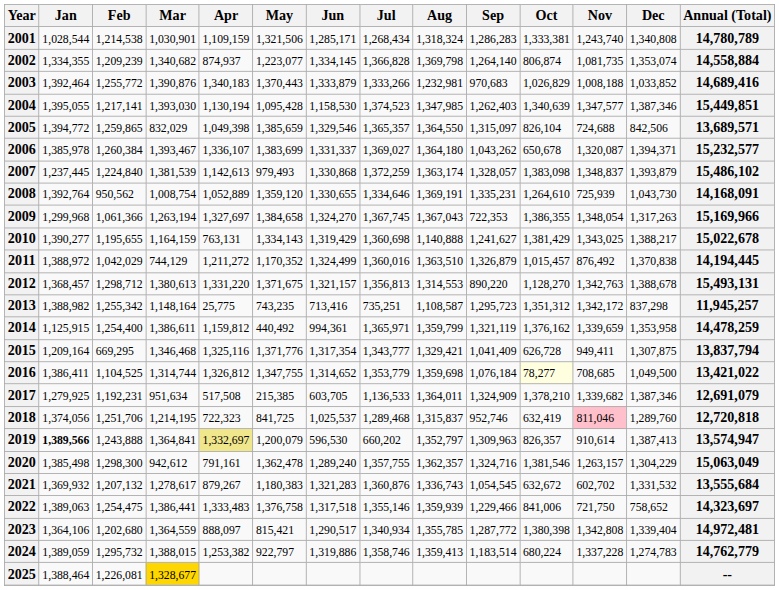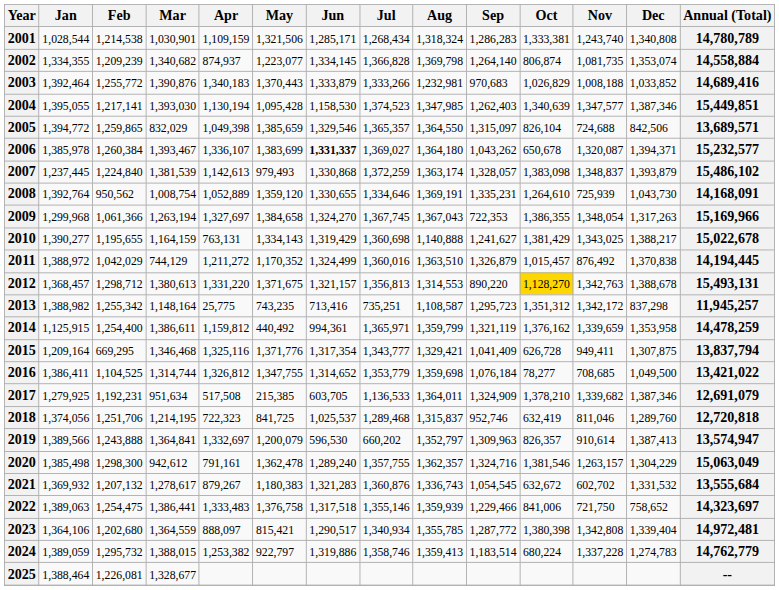 <table class="wikitable">
 <tr>
 <th>Year</th>
 <th>Jan</th>
 <th>Feb</th>
 <th>Mar</th>
 <th>Apr</th>
 <th>May</th>
 <th>Jun</th>
 <th>Jul</th>
 <th>Aug</th>
 <th>Sep</th>
 <th>Oct</th>
 <th>Nov</th>
 <th>Dec</th>
 <th>Annual (Total)</th>
 </tr>
 <tr>
 <th>2001</th>
 <td><small>1,028,544</small></td>
 <td><small>1,214,538</small></td>
 <td><small>1,030,901</small></td>
 <td><small>1,109,159</small></td>
 <td><small>1,321,506</small></td>
 <td><small>1,285,171</small></td>
 <td><small>1,268,434</small></td>
 <td><small>1,318,324</small></td>
 <td><small>1,286,283</small></td>
 <td><small>1,333,381</small></td>
 <td><small>1,243,740</small></td>
 <td><small>1,340,808</small></td>
 <th>14,780,789</th>
 </tr>
 <tr>
 <th>2002</th>
 <td><small>1,334,355</small></td>
 <td><small>1,209,239</small></td>
 <td><small>1,340,682</small></td>
 <td><small>874,937</small></td>
 <td><small>1,223,077</small></td>
 <td><small>1,334,145</small></td>
 <td><small>1,366,828</small></td>
 <td><small>1,369,798</small></td>
 <td><small>1,264,140</small></td>
 <td><small>806,874</small></td>
 <td><small>1,081,735</small></td>
 <td><small>1,353,074</small></td>
 <th>14,558,884</th>
 </tr>
 <tr>
 <th>2003</th>
 <td><small>1,392,464</small></td>
 <td><small>1,255,772</small></td>
 <td><small>1,390,876</small></td>
 <td><small>1,340,183</small></td>
 <td><small>1,370,443</small></td>
 <td><small>1,333,879</small></td>
 <td><small>1,333,266</small></td>
 <td><small>1,232,981</small></td>
 <td><small>970,683</small></td>
 <td><small>1,026,829</small></td>
 <td><small>1,008,188</small></td>
 <td><small>1,033,852</small></td>
 <th>14,689,416</th>
 </tr>
 <tr>
 <th>2004</th>
 <td><small>1,395,055</small></td>
 <td><small>1,217,141</small></td>
 <td><small>1,393,030</small></td>
 <td><small>1,130,194</small></td>
 <td><small>1,095,428</small></td>
 <td><small>1,158,530</small></td>
 <td><small>1,374,523</small></td>
 <td><small>1,347,985</small></td>
 <td><small>1,262,403</small></td>
 <td><small>1,340,639</small></td>
 <td><small>1,347,577</small></td>
 <td><small>1,387,346</small></td>
 <th>15,449,851</th>
 </tr>
 <tr>
 <th>2005</th>
 <td><small>1,394,772</small></td>
 <td><small>1,259,865</small></td>
 <td><small>832,029</small></td>
 <td><small>1,049,398</small></td>
 <td><small>1,385,659</small></td>
 <td><small>1,329,546</small></td>
 <td><small>1,365,357</small></td>
 <td><small>1,364,550</small></td>
 <td><small>1,315,097</small></td>
 <td><small>826,104</small></td>
 <td><small>724,688</small></td>
 <td><small>842,506</small></td>
 <th>13,689,571</th>
 </tr>
 <tr>
 <th>2006</th>
 <td><small>1,385,978</small></td>
 <td><small>1,260,384</small></td>
 <td><small>1,393,467</small></td>
 <td><small>1,336,107</small></td>
 <td><small>1,383,699</small></td>
-<td><small>1,331,337</small></td>
+<td><strong><small>1,331,337</small></strong></td>
 <td><small>1,369,027</small></td>
 <td><small>1,364,180</small></td>
 <td><small>1,043,262</small></td>
 <td><small>650,678</small></td>
 <td><small>1,320,087</small></td>
 <td><small>1,394,371</small></td>
 <th>15,232,577</th>
 </tr>
 <tr>
 <th>2007</th>
 <td><small>1,237,445</small></td>
 <td><small>1,224,840</small></td>
 <td><small>1,381,539</small></td>
 <td><small>1,142,613</small></td>
 <td><small>979,493</small></td>
 <td><small>1,330,868</small></td>
 <td><small>1,372,259</small></td>
 <td><small>1,363,174</small></td>
 <td><small>1,328,057</small></td>
 <td><small>1,383,098</small></td>
 <td><small>1,348,837</small></td>
 <td><small>1,393,879</small></td>
 <th>15,486,102</th>
 </tr>
 <tr>
 <th>2008</th>
 <td><small>1,392,764</small></td>
 <td><small>950,562</small></td>
 <td><small>1,008,754</small></td>
 <td><small>1,052,889</small></td>
 <td><small>1,359,120</small></td>
 <td><small>1,330,655</small></td>
 <td><small>1,334,646</small></td>
 <td><small>1,369,191</small></td>
 <td><small>1,335,231</small></td>
 <td><small>1,264,610</small></td>
 <td><small>725,939</small></td>
 <td><small>1,043,730</small></td>
 <th>14,168,091</th>
 </tr>
 <tr>
 <th>2009</th>
 <td><small>1,299,968</small></td>
 <td><small>1,061,366</small></td>
 <td><small>1,263,194</small></td>
 <td><small>1,327,697</small></td>
 <td><small>1,384,658</small></td>
 <td><small>1,324,270</small></td>
 <td><small>1,367,745</small></td>
 <td><small>1,367,043</small></td>
 <td><small>722,353</small></td>
 <td><small>1,386,355</small></td>
 <td><small>1,348,054</small></td>
 <td><small>1,317,263</small></td>
 <th>15,169,966</th>
 </tr>
 <tr>
 <th>2010</th>
 <td><small>1,390,277</small></td>
 <td><small>1,195,655</small></td>
 <td><small>1,164,159</small></td>
 <td><small>763,131</small></td>
 <td><small>1,334,143</small></td>
 <td><small>1,319,429</small></td>
 <td><small>1,360,698</small></td>
 <td><small>1,140,888</small></td>
 <td><small>1,241,627</small></td>
 <td><small>1,381,429</small></td>
 <td><small>1,343,025</small></td>
 <td><small>1,388,217</small></td>
 <th>15,022,678</th>
 </tr>
 <tr>
 <th>2011</th>
 <td><small>1,388,972</small></td>
 <td><small>1,042,029</small></td>
 <td><small>744,129</small></td>
 <td><small>1,211,272</small></td>
 <td><small>1,170,352</small></td>
 <td><small>1,324,499</small></td>
 <td><small>1,360,016</small></td>
 <td><small>1,363,510</small></td>
 <td><small>1,326,879</small></td>
 <td><small>1,015,457</small></td>
 <td><small>876,492</small></td>
 <td><small>1,370,838</small></td>
 <th>14,194,445</th>
 </tr>
 <tr>
 <th>2012</th>
 <td><small>1,368,457</small></td>
 <td><small>1,298,712</small></td>
 <td><small>1,380,613</small></td>
 <td><small>1,331,220</small></td>
 <td><small>1,371,675</small></td>
 <td><small>1,321,157</small></td>
 <td><small>1,356,813</small></td>
 <td><small>1,314,553</small></td>
 <td><small>890,220</small></td>
-<td><small>1,128,270</small></td>
+<td style="background: gold;"><small>1,128,270</small></td>
 <td><small>1,342,763</small></td>
 <td><small>1,388,678</small></td>
 <th>15,493,131</th>
 </tr>
 <tr>
 <th>2013</th>
 <td><small>1,388,982</small></td>
 <td><small>1,255,342</small></td>
 <td><small>1,148,164</small></td>
 <td><small>25,775</small></td>
 <td><small>743,235</small></td>
 <td><small>713,416</small></td>
 <td><small>735,251</small></td>
 <td><small>1,108,587</small></td>
 <td><small>1,295,723</small></td>
 <td><small>1,351,312</small></td>
 <td><small>1,342,172</small></td>
 <td><small>837,298</small></td>
 <th>11,945,257</th>
 </tr>
 <tr>
 <th>2014</th>
 <td><small>1,125,915</small></td>
 <td><small>1,254,400</small></td>
 <td><small>1,386,611</small></td>
 <td><small>1,159,812</small></td>
 <td><small>440,492</small></td>
 <td><small>994,361</small></td>
 <td><small>1,365,971</small></td>
 <td><small>1,359,799</small></td>
 <td><small>1,321,119</small></td>
 <td><small>1,376,162</small></td>
 <td><small>1,339,659</small></td>
 <td><small>1,353,958</small></td>
 <th>14,478,259</th>
 </tr>
 <tr>
 <th>2015</th>
 <td><small>1,209,164</small></td>
 <td><small>669,295</small></td>
 <td><small>1,346,468</small></td>
 <td><small>1,325,116</small></td>
 <td><small>1,371,776</small></td>
 <td><small>1,317,354</small></td>
 <td><small>1,343,777</small></td>
 <td><small>1,329,421</small></td>
 <td><small>1,041,409</small></td>
 <td><small>626,728</small></td>
 <td><small>949,411</small></td>
 <td><small>1,307,875</small></td>
 <th>13,837,794</th>
 </tr>
 <tr>
 <th>2016</th>
 <td><small>1,386,411</small></td>
 <td><small>1,104,525</small></td>
 <td><small>1,314,744</small></td>
 <td><small>1,326,812</small></td>
 <td><small>1,347,755</small></td>
 <td><small>1,314,652</small></td>
 <td><small>1,353,779</small></td>
 <td><small>1,359,698</small></td>
 <td><small>1,076,184</small></td>
-<td style="background: lightyellow;"><small>78,277</small></td>
+<td><small>78,277</small></td>
 <td><small>708,685</small></td>
 <td><small>1,049,500</small></td>
 <th>13,421,022</th>
 </tr>
 <tr>
 <th>2017</th>
 <td><small>1,279,925</small></td>
 <td><small>1,192,231</small></td>
 <td><small>951,634</small></td>
 <td><small>517,508</small></td>
 <td><small>215,385</small></td>
 <td><small>603,705</small></td>
 <td><small>1,136,533</small></td>
 <td><small>1,364,011</small></td>
 <td><small>1,324,909</small></td>
 <td><small>1,378,210</small></td>
 <td><small>1,339,682</small></td>
 <td><small>1,387,346</small></td>
 <th>12,691,079</th>
 </tr>
 <tr>
 <th>2018</th>
 <td><small>1,374,056</small></td>
 <td><small>1,251,706</small></td>
 <td><small>1,214,195</small></td>
 <td><small>722,323</small></td>
 <td><small>841,725</small></td>
 <td><small>1,025,537</small></td>
 <td><small>1,289,468</small></td>
 <td><small>1,315,837</small></td>
 <td><small>952,746</small></td>
 <td><small>632,419</small></td>
-<td style="background: pink;"><small>811,046</small></td>
+<td><small>811,046</small></td>
 <td><small>1,289,760</small></td>
 <th>12,720,818</th>
 </tr>
 <tr>
 <th>2019</th>
-<td><strong><small>1,389,566</small></strong></td>
+<td><small>1,389,566</small></td>
 <td><small>1,243,888</small></td>
 <td><small>1,364,841</small></td>
-<td style="background: khaki;"><small>1,332,697</small></td>
+<td><small>1,332,697</small></td>
 <td><small>1,200,079</small></td>
 <td><small>596,530</small></td>
 <td><small>660,202</small></td>
 <td><small>1,352,797</small></td>
 <td><small>1,309,963</small></td>
 <td><small>826,357</small></td>
 <td><small>910,614</small></td>
 <td><small>1,387,413</small></td>
 <th>13,574,947</th>
 </tr>
 <tr>
 <th>2020</th>
 <td><small>1,385,498</small></td>
 <td><small>1,298,300</small></td>
 <td><small>942,612</small></td>
 <td><small>791,161</small></td>
 <td><small>1,362,478</small></td>
 <td><small>1,289,240</small></td>
 <td><small>1,357,755</small></td>
 <td><small>1,362,357</small></td>
 <td><small>1,324,716</small></td>
 <td><small>1,381,546</small></td>
 <td><small>1,263,157</small></td>
 <td><small>1,304,229</small></td>
 <th>15,063,049</th>
 </tr>
 <tr>
 <th>2021</th>
 <td><small>1,369,932</small></td>
 <td><small>1,207,132</small></td>
 <td><small>1,278,617</small></td>
 <td><small>879,267</small></td>
 <td><small>1,180,383</small></td>
 <td><small>1,321,283</small></td>
 <td><small>1,360,876</small></td>
 <td><small>1,336,743</small></td>
 <td><small>1,054,545</small></td>
 <td><small>632,672</small></td>
 <td><small>602,702</small></td>
 <td><small>1,331,532</small></td>
 <th>13,555,684</th>
 </tr>
 <tr>
 <th>2022</th>
 <td><small>1,389,063</small></td>
 <td><small>1,254,475</small></td>
 <td><small>1,386,441</small></td>
 <td><small>1,333,483</small></td>
 <td><small>1,376,758</small></td>
 <td><small>1,317,518</small></td>
 <td><small>1,355,146</small></td>
 <td><small>1,359,939</small></td>
 <td><small>1,229,466</small></td>
 <td><small>841,006</small></td>
 <td><small>721,750</small></td>
 <td><small>758,652</small></td>
 <th>14,323,697</th>
 </tr>
 <tr>
 <th>2023</th>
 <td><small>1,364,106</small></td>
 <td><small>1,202,680</small></td>
 <td><small>1,364,559</small></td>
 <td><small>888,097</small></td>
 <td><small>815,421</small></td>
 <td><small>1,290,517</small></td>
 <td><small>1,340,934</small></td>
 <td><small>1,355,785</small></td>
 <td><small>1,287,772</small></td>
 <td><small>1,380,398</small></td>
 <td><small>1,342,808</small></td>
 <td><small>1,339,404</small></td>
 <th>14,972,481</th>
 </tr>
 <tr>
 <th>2024</th>
 <td><small>1,389,059</small></td>
 <td><small>1,295,732</small></td>
 <td><small>1,388,015</small></td>
 <td><small>1,253,382</small></td>
 <td><small>922,797</small></td>
 <td><small>1,319,886</small></td>
 <td><small>1,358,746</small></td>
 <td><small>1,359,413</small></td>
 <td><small>1,183,514</small></td>
 <td><small>680,224</small></td>
 <td><small>1,337,228</small></td>
 <td><small>1,274,783</small></td>
 <th>14,762,779</th>
 </tr>
 <tr>
 <th>2025</th>
 <td><small>1,388,464</small></td>
 <td><small>1,226,081</small></td>
-<td style="background: gold;"><small>1,328,677</small></td>
+<td><small>1,328,677</small></td>
 <td><small></small></td>
 <td><small></small></td>
 <td><small></small></td>
 <td><small></small></td>
 <td><small></small></td>
 <td><small></small></td>
 <td><small></small></td>
 <td><small></small></td>
 <td><small></small></td>
 <th>--</th>
 </tr>
 <tr>
 </tr>
 </table>
